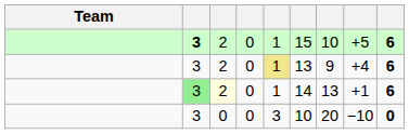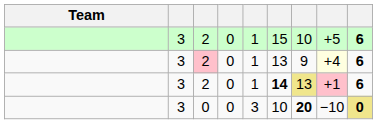 <table class="wikitable" style="text-align: center;">
 <tr>
 <th width="175">Team</th>
 <th width="20"></th>
 <th width="20"></th>
 <th width="20"></th>
 <th width="20"></th>
 <th width="20"></th>
 <th width="20"></th>
 <th width="20"></th>
 <th width="20"></th>
 </tr>
 <tr style="background-color: #ccffcc;">
 <td align=left></td>
-<td><strong>3</strong></td>
+<td>3</td>
 <td>2</td>
 <td>0</td>
 <td>1</td>
 <td>15</td>
 <td>10</td>
 <td>+5</td>
 <td><strong>6</strong></td>
 </tr>
 <tr>
 <td align=left></td>
 <td>3</td>
-<td>2</td>
+<td style="background: pink;">2</td>
 <td>0</td>
-<td style="background: khaki;">1</td>
+<td>1</td>
 <td>13</td>
 <td>9</td>
-<td>+4</td>
+<td style="background: lightyellow;">+4</td>
 <td><strong>6</strong></td>
 </tr>
 <tr>
 <td align=left></td>
-<td style="background: lightgreen;">3</td>
-<td style="background: lightyellow;">2</td>
+<td>3</td>
+<td>2</td>
 <td>0</td>
 <td>1</td>
-<td>14</td>
-<td>13</td>
-<td>+1</td>
+<td><strong>14</strong></td>
+<td style="background: khaki;">13</td>
+<td style="background: pink;">+1</td>
 <td><strong>6</strong></td>
 </tr>
 <tr>
 <td align=left></td>
 <td>3</td>
 <td>0</td>
 <td>0</td>
 <td>3</td>
 <td>10</td>
-<td>20</td>
+<td><strong>20</strong></td>
 <td>−10</td>
-<td><strong>0</strong></td>
+<td style="background: khaki;"><strong>0</strong></td>
 </tr>
 </table>
